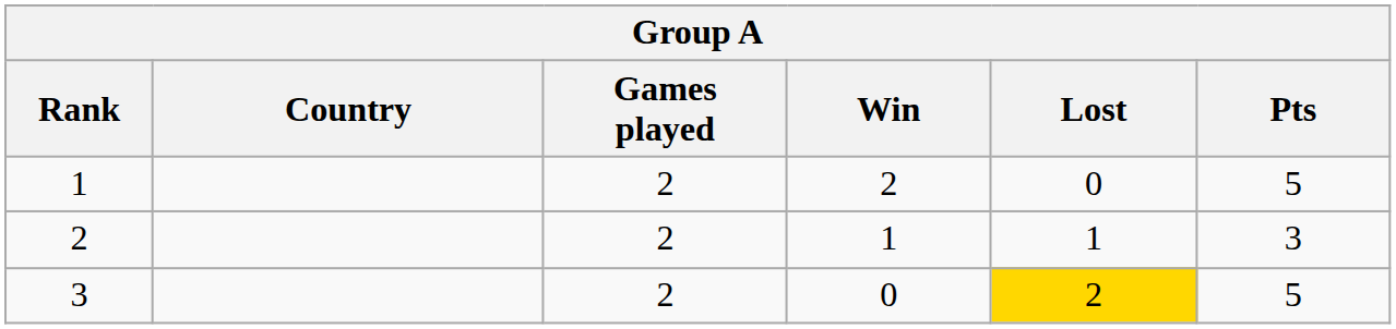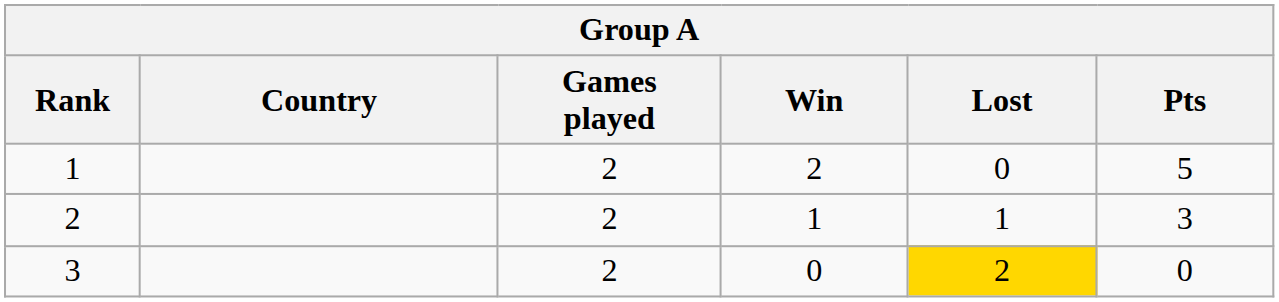 <table class="wikitable" style= "text-align: center; Width:50%">
 <tr>
 <th colspan= 6>Group A</th>
 </tr>
 <tr>
 <th width=2%>Rank</th>
 <th width=10%>Country</th>
 <th width=5%>Games <br> played</th>
 <th width=5%>Win</th>
 <th width=5%>Lost</th>
 <th width=5%>Pts</th>
 </tr>
 <tr>
 <td>1</td>
 <td style= "text-align: left"></td>
 <td>2</td>
 <td>2</td>
 <td>0</td>
 <td>5</td>
 </tr>
 <tr>
 <td>2</td>
 <td style= "text-align: left"></td>
 <td>2</td>
 <td>1</td>
 <td>1</td>
 <td>3</td>
 </tr>
 <tr>
 <td>3</td>
 <td style= "text-align: left"></td>
 <td>2</td>
 <td>0</td>
 <td style="background: gold;">2</td>
-<td>5</td>
+<td>0</td>
 </tr>
 </table>
